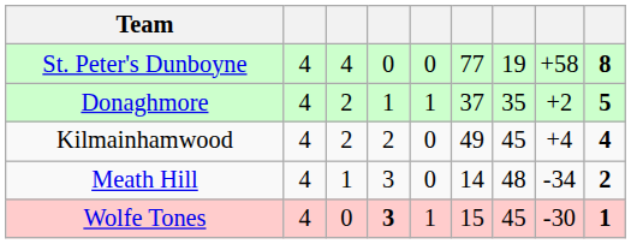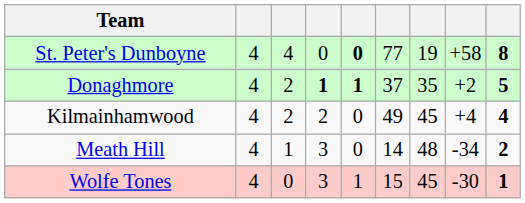 <table class="wikitable" style="text-align:center">
 <tr>
 <th width="175">Team</th>
 <th width="20"></th>
 <th width="20"></th>
 <th width="20"></th>
 <th width="20"></th>
 <th width="20"></th>
 <th width="20"></th>
 <th width="20"></th>
 <th width="20"></th>
 </tr>
 <tr style="background:#cfc;">
 <td><a href='#'>St. Peter's Dunboyne</a></td>
 <td>4</td>
 <td>4</td>
 <td>0</td>
-<td>0</td>
+<td><strong>0</strong></td>
 <td>77</td>
 <td>19</td>
 <td>+58</td>
 <td><strong>8</strong></td>
 </tr>
 <tr style="background:#cfc;">
 <td><a href='#'>Donaghmore</a></td>
 <td>4</td>
 <td>2</td>
-<td>1</td>
-<td>1</td>
+<td><strong>1</strong></td>
+<td><strong>1</strong></td>
 <td>37</td>
 <td>35</td>
 <td>+2</td>
 <td><strong>5</strong></td>
 </tr>
 <tr>
 <td>Kilmainhamwood</td>
 <td>4</td>
 <td>2</td>
 <td>2</td>
 <td>0</td>
 <td>49</td>
 <td>45</td>
 <td>+4</td>
 <td><strong>4</strong></td>
 </tr>
 <tr>
 <td><a href='#'>Meath Hill</a></td>
 <td>4</td>
 <td>1</td>
 <td>3</td>
 <td>0</td>
 <td>14</td>
 <td>48</td>
 <td>-34</td>
 <td><strong>2</strong></td>
 </tr>
 <tr style="background:#fcc;">
 <td><a href='#'>Wolfe Tones</a></td>
 <td>4</td>
 <td>0</td>
-<td><strong>3</strong></td>
+<td>3</td>
 <td>1</td>
 <td>15</td>
 <td>45</td>
 <td>-30</td>
 <td><strong>1</strong></td>
 </tr>
 </table>
